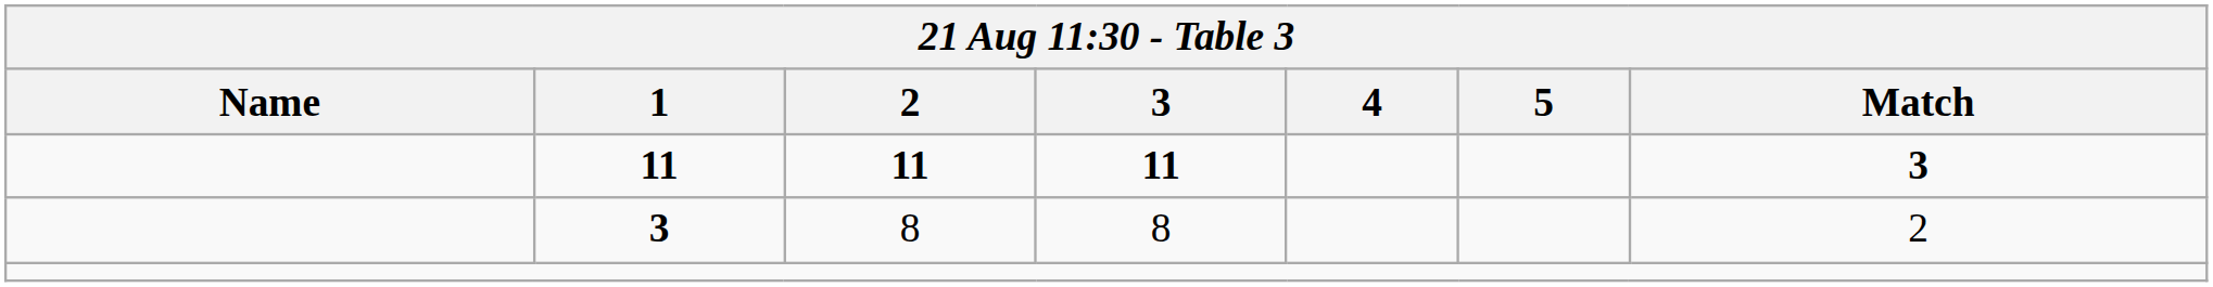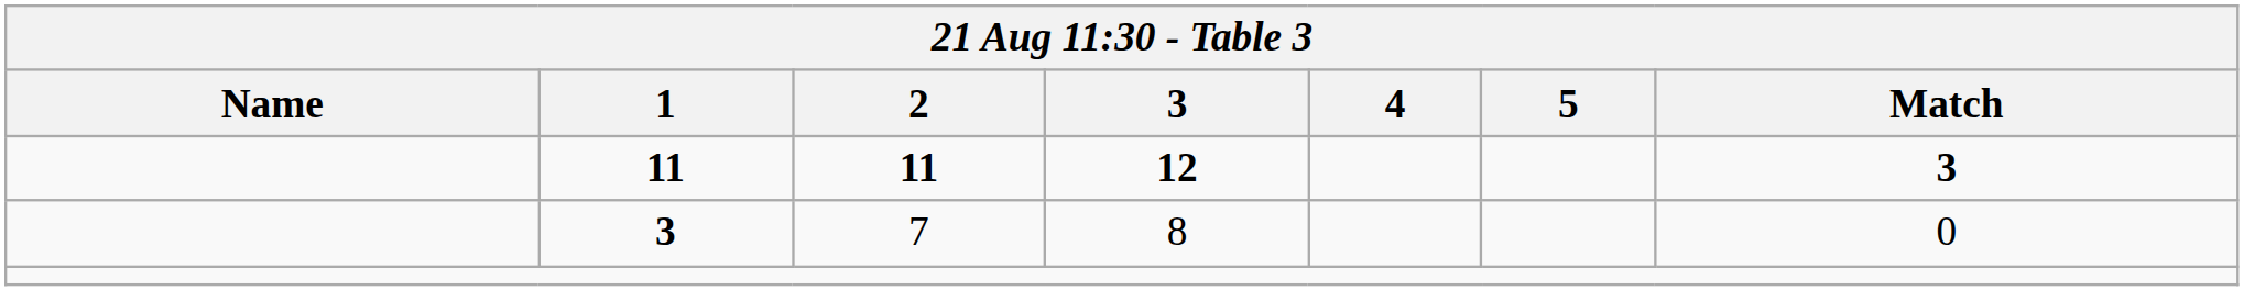 <table class=wikitable style="text-align:center; width: 55%">
 <tr>
 <th colspan=17><em>21 Aug 11:30 - Table 3</em></th>
 </tr>
 <tr>
 <th>Name</th>
 <th>1</th>
 <th>2</th>
 <th>3</th>
 <th>4</th>
 <th>5</th>
 <th>Match</th>
 </tr>
 <tr>
 <td style="text-align:left;"><strong></strong></td>
 <td><strong>11</strong></td>
 <td><strong>11</strong></td>
-<td><strong>11</strong></td>
+<td><strong>12</strong></td>
 <td></td>
 <td></td>
 <td><strong>3</strong></td>
 </tr>
 <tr>
 <td style="text-align:left;"></td>
 <td><strong>3</strong></td>
-<td>8</td>
+<td>7</td>
 <td>8</td>
 <td></td>
 <td></td>
-<td>2</td>
+<td>0</td>
 </tr>
 <tr>
 <td colspan=17></td>
 </tr>
 </table>
